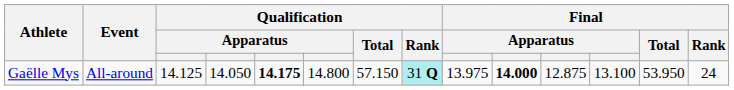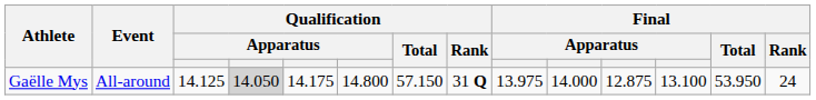 <table class="wikitable" style="font-size:90%">
 <tr>
 <th rowspan=3>Athlete</th>
 <th rowspan=3>Event</th>
 <th colspan =6>Qualification</th>
 <th colspan =6>Final</th>
 </tr>
 <tr style="font-size:95%">
 <th colspan=4>Apparatus</th>
 <th rowspan=2>Total</th>
 <th rowspan=2>Rank</th>
 <th colspan=4>Apparatus</th>
 <th rowspan=2>Total</th>
 <th rowspan=2>Rank</th>
 </tr>
 <tr style="font-size:95%">
 <th></th>
 <th></th>
 <th></th>
 <th></th>
 <th></th>
 <th></th>
 <th></th>
 <th></th>
 </tr>
 <tr align=center>
 <td align=left><a href='#'>Gaëlle Mys</a></td>
 <td align=left><a href='#'>All-around</a></td>
 <td>14.125</td>
-<td>14.050</td>
-<td><strong>14.175</strong></td>
+<td style="background: lightgrey;">14.050</td>
+<td>14.175</td>
 <td>14.800</td>
 <td>57.150</td>
-<td style="background: paleturquoise;">31 <strong>Q</strong></td>
+<td>31 <strong>Q</strong></td>
 <td>13.975</td>
-<td><strong>14.000</strong></td>
+<td>14.000</td>
 <td>12.875</td>
 <td>13.100</td>
 <td>53.950</td>
 <td>24</td>
 </tr>
 </table>
